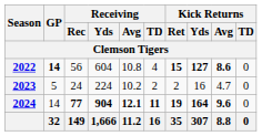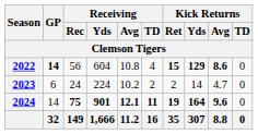 <table class="wikitable" style="text-align:center;">
 <tr>
 <th rowspan="2">Season</th>
 <th rowspan="2">GP</th>
 <th colspan="4">Receiving</th>
 <th colspan="4">Kick Returns</th>
 </tr>
 <tr>
 <th>Rec</th>
 <th>Yds</th>
 <th>Avg</th>
 <th>TD</th>
 <th>Ret</th>
 <th>Yds</th>
 <th>Avg</th>
 <th>TD</th>
 </tr>
 <tr>
 <th colspan="11">Clemson Tigers</th>
 </tr>
 <tr>
 <th><a href='#'>2022</a></th>
 <td><strong>14</strong></td>
 <td>56</td>
 <td>604</td>
 <td>10.8</td>
 <td>4</td>
 <td><strong>15</strong></td>
-<td><strong>127</strong></td>
+<td><strong>129</strong></td>
 <td><strong>8.6</strong></td>
 <td>0</td>
 </tr>
 <tr>
 <th><a href='#'>2023</a></th>
-<td>5</td>
+<td>6</td>
 <td>24</td>
 <td>224</td>
 <td>10.2</td>
 <td>2</td>
 <td>2</td>
-<td>16</td>
+<td>14</td>
 <td>4.7</td>
 <td>0</td>
 </tr>
 <tr>
 <th><a href='#'>2024</a></th>
 <td>14</td>
-<td><strong>77</strong></td>
-<td><strong>904</strong></td>
+<td><strong>75</strong></td>
+<td><strong>901</strong></td>
 <td><strong>12.1</strong></td>
 <td><strong>11</strong></td>
 <td><strong>19</strong></td>
 <td><strong>164</strong></td>
 <td><strong>9.6</strong></td>
 <td>0</td>
 </tr>
 <tr>
 <th></th>
 <th>32</th>
 <th>149</th>
 <th>1,666</th>
 <th>11.2</th>
 <th>16</th>
 <th>35</th>
 <th>307</th>
 <th>8.8</th>
 <th>0</th>
 </tr>
 </table>
